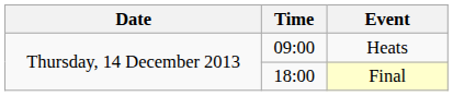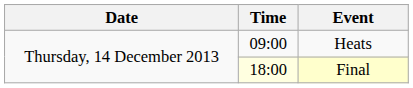 <table class = "wikitable" style="text-align:center;">
 <tr>
 <th width=220>Date</th>
 <th width=50>Time</th>
 <th width=100>Event</th>
 </tr>
 <tr>
 <td rowspan=2>Thursday, 14 December 2013</td>
 <td>09:00</td>
 <td>Heats</td>
 </tr>
 <tr>
-<td>18:00</td>
+<td style="background: lightyellow;">18:00</td>
 <td bgcolor=ffffcc>Final</td>
 </tr>
 </table>
